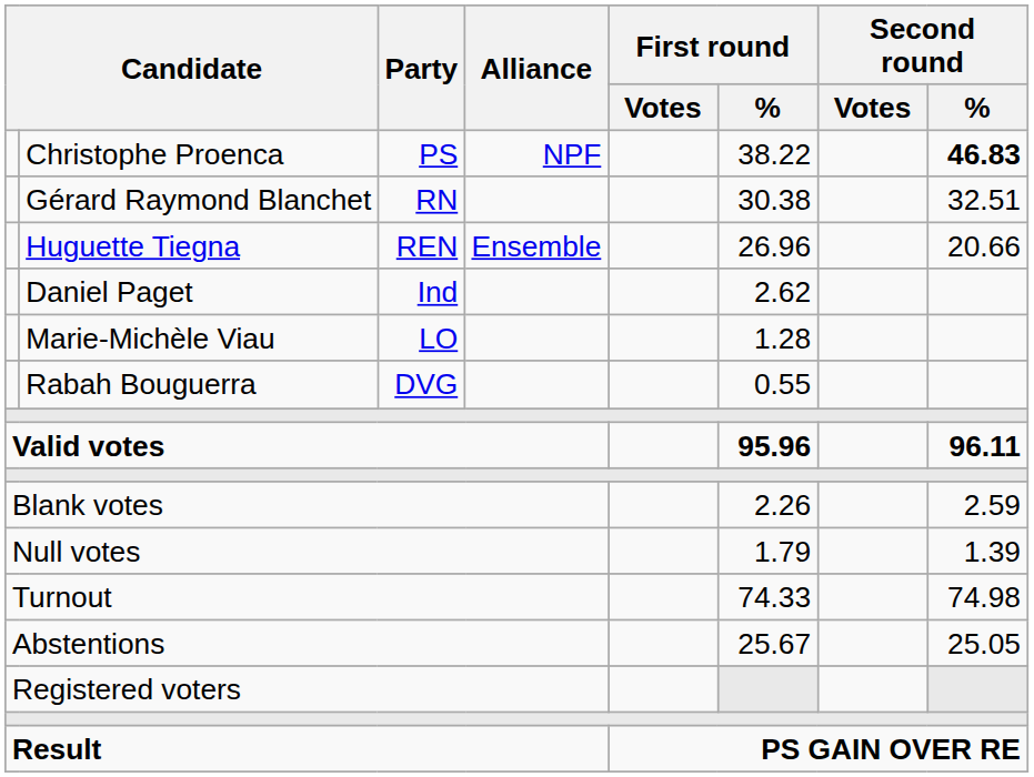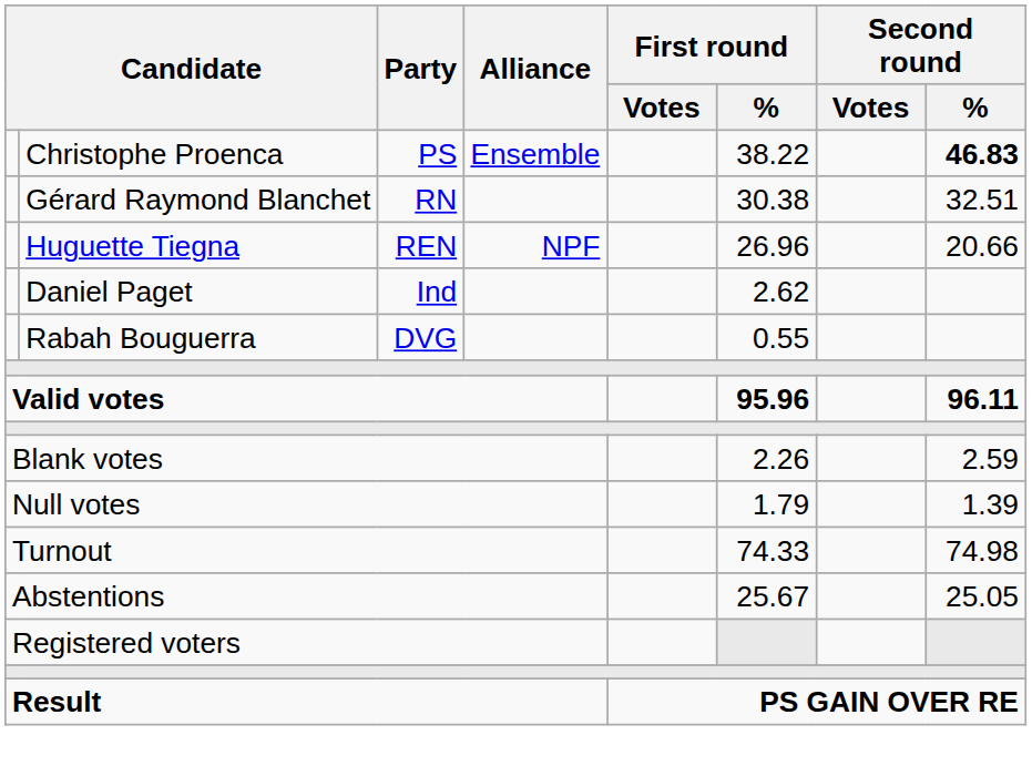 <table class="wikitable" style="text-align:right;font-size:95%;">
 <tr>
 <th colspan="2" rowspan="2">Candidate</th>
 <th colspan="1" rowspan="2">Party</th>
 <th colspan="1" rowspan="2">Alliance</th>
 <th colspan="2">First round</th>
 <th colspan="2">Second round</th>
 </tr>
 <tr>
 <th style="width:50px;">Votes</th>
 <th style="width:45px;">%</th>
 <th style="width:50px;">Votes</th>
 <th style="width:45px;">%</th>
 </tr>
 <tr>
 <td style="color:inherit;background:"></td>
 <td style="text-align:left;">Christophe Proenca</td>
 <td><a href='#'>PS</a></td>
-<td><a href='#'>NPF</a></td>
+<td><a href='#'>Ensemble</a></td>
 <td></td>
 <td>38.22</td>
 <td><strong></strong></td>
 <td><strong>46.83</strong></td>
 </tr>
 <tr>
 <td style="color:inherit;background:"></td>
 <td style="text-align:left;">Gérard Raymond Blanchet</td>
 <td><a href='#'>RN</a></td>
 <td></td>
 <td></td>
 <td>30.38</td>
 <td></td>
 <td>32.51</td>
 </tr>
 <tr>
 <td style="color:inherit;background:"></td>
 <td style="text-align:left;"><a href='#'>Huguette Tiegna</a></td>
 <td><a href='#'>REN</a></td>
-<td><a href='#'>Ensemble</a></td>
+<td><a href='#'>NPF</a></td>
 <td></td>
 <td>26.96</td>
 <td></td>
 <td>20.66</td>
 </tr>
 <tr>
 <td style="color:inherit;background:"></td>
 <td style="text-align:left;">Daniel Paget</td>
 <td><a href='#'>Ind</a></td>
 <td></td>
 <td></td>
 <td>2.62</td>
-<td></td>
-<td></td>
-</tr>
-<tr>
-<td style="color:inherit;background:"></td>
-<td style="text-align:left;">Marie-Michèle Viau</td>
-<td><a href='#'>LO</a></td>
-<td></td>
-<td></td>
-<td>1.28</td>
 <td></td>
 <td></td>
 </tr>
 <tr>
 <td style="color:inherit;background:"></td>
 <td style="text-align:left;">Rabah Bouguerra</td>
 <td><a href='#'>DVG</a></td>
 <td></td>
 <td></td>
 <td>0.55</td>
 <td></td>
 <td></td>
 </tr>
 <tr>
 <td colspan="8" style="background:#E9E9E9;"></td>
 </tr>
 <tr style="font-weight:bold;">
 <td colspan="4" style="text-align:left;">Valid votes</td>
 <td></td>
 <td>95.96</td>
 <td></td>
 <td>96.11</td>
 </tr>
 <tr>
 <td colspan="8" style="background:#E9E9E9;"></td>
 </tr>
 <tr>
 <td colspan="4" style="text-align:left;">Blank votes</td>
 <td></td>
 <td>2.26</td>
 <td></td>
 <td>2.59</td>
 </tr>
 <tr>
 <td colspan="4" style="text-align:left;">Null votes</td>
 <td></td>
 <td>1.79</td>
 <td></td>
 <td>1.39</td>
 </tr>
 <tr>
 <td colspan="4" style="text-align:left;">Turnout</td>
 <td></td>
 <td>74.33</td>
 <td></td>
 <td>74.98</td>
 </tr>
 <tr>
 <td colspan="4" style="text-align:left;">Abstentions</td>
 <td></td>
 <td>25.67</td>
 <td></td>
 <td>25.05</td>
 </tr>
 <tr>
 <td colspan="4" style="text-align:left;">Registered voters</td>
 <td></td>
 <td style="background:#E9E9E9;"></td>
 <td></td>
 <td style="background:#E9E9E9;"></td>
 </tr>
 <tr>
 <td colspan="8" style="background:#E9E9E9;"></td>
 </tr>
 <tr style="font-weight:bold">
 <td colspan="4" style="text-align:left;">Result</td>
 <td colspan="4" style="background-color:">PS GAIN OVER RE</td>
 </tr>
 </table>
